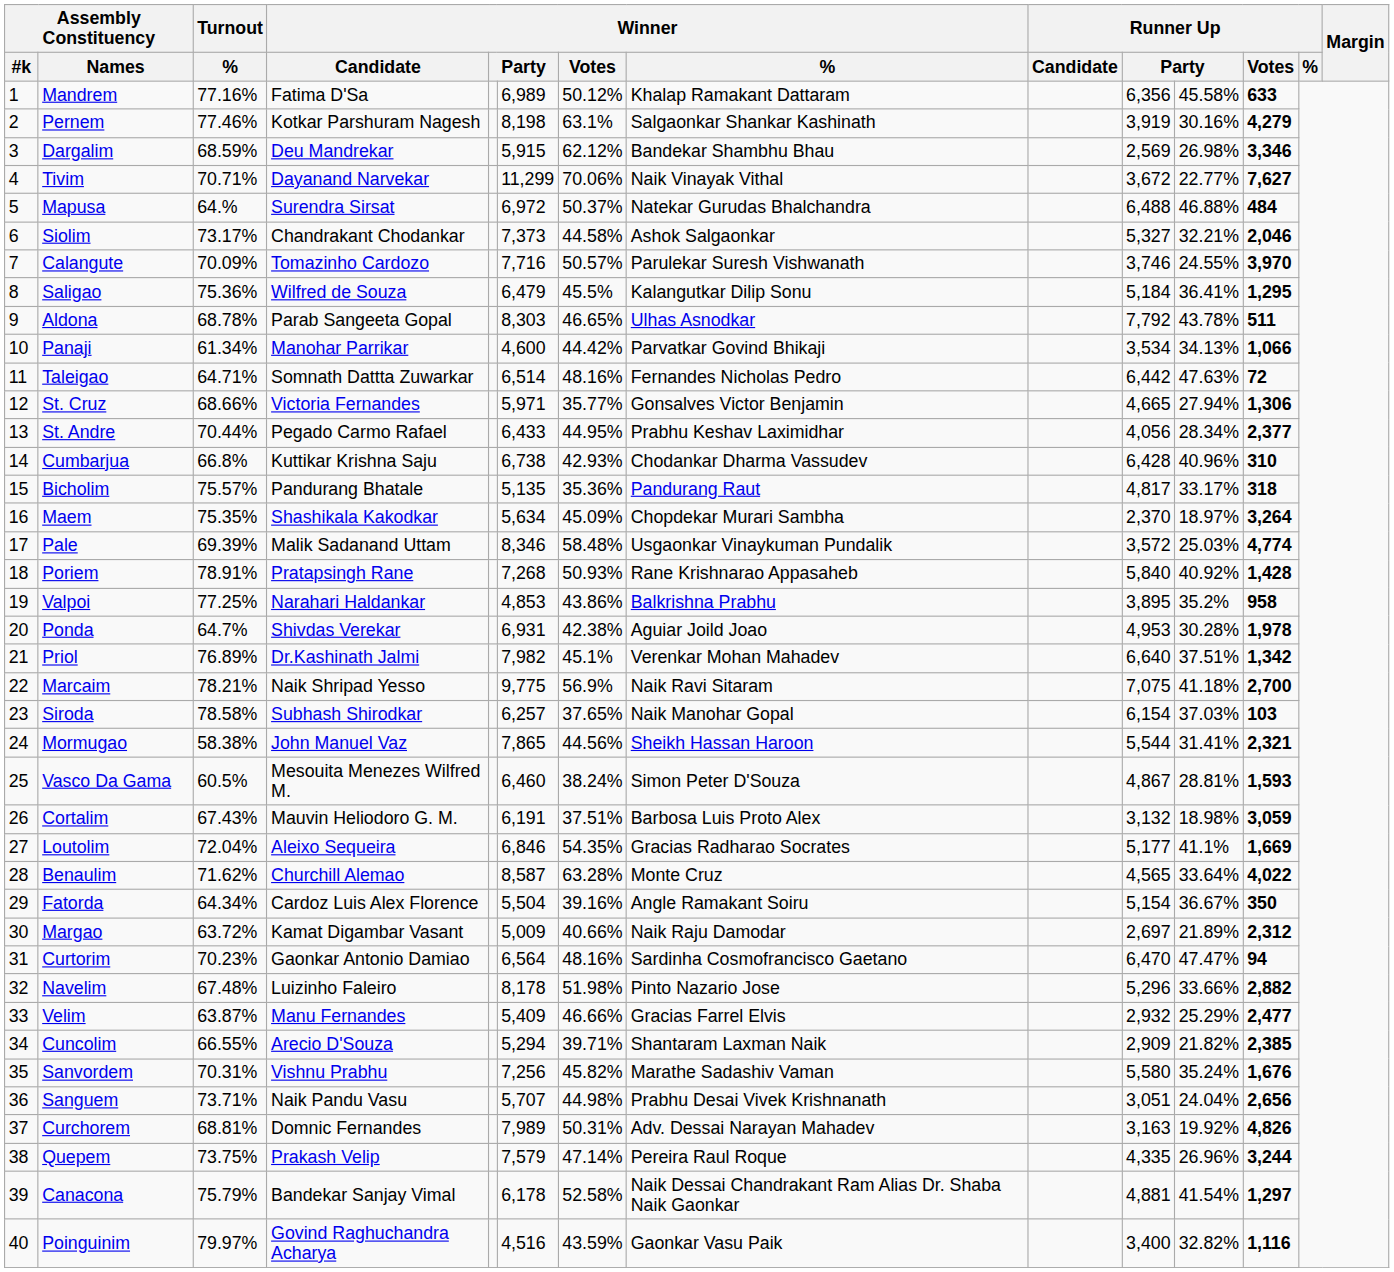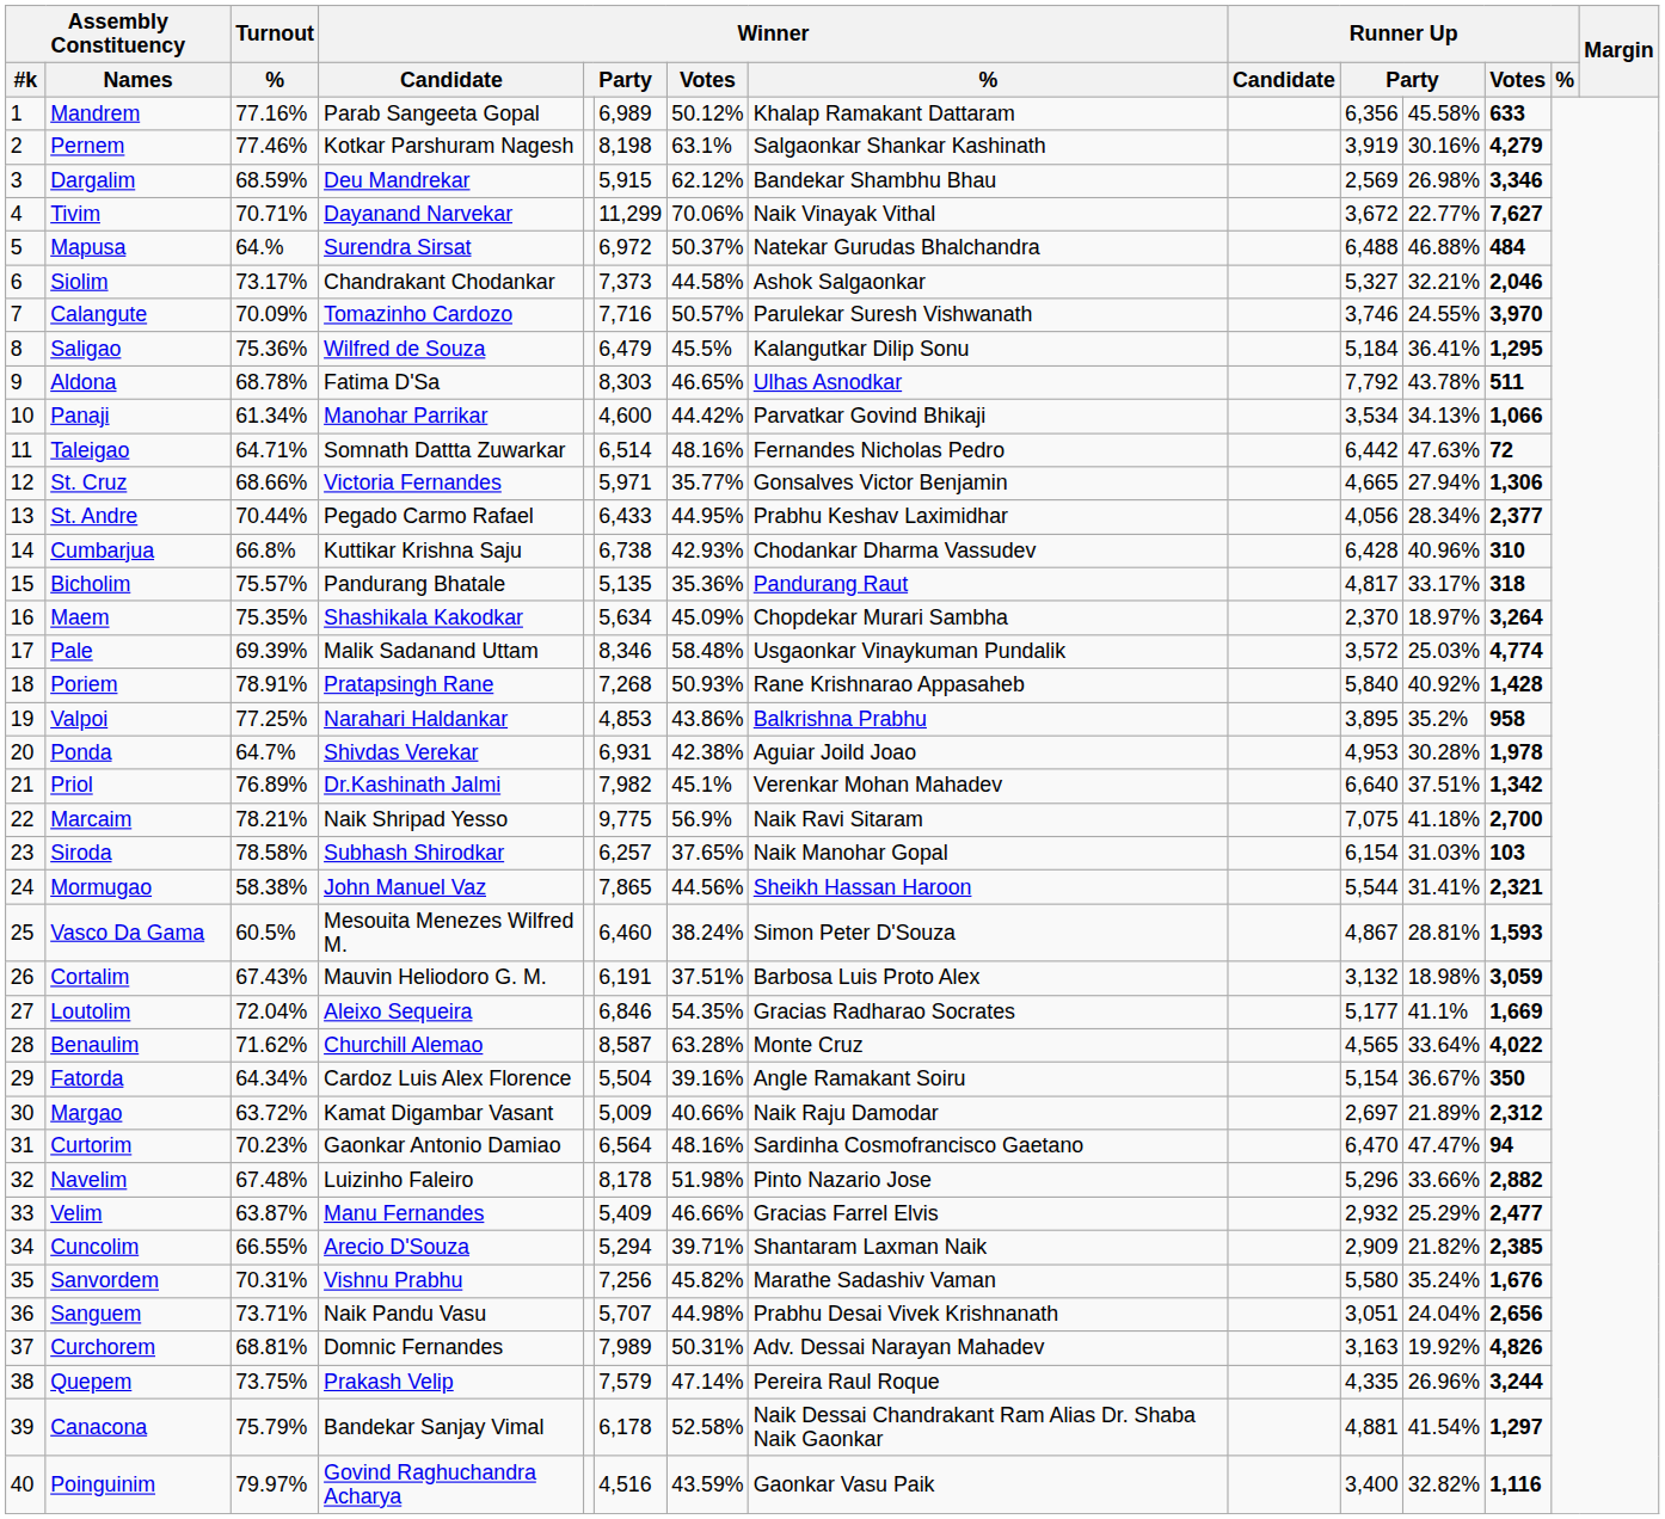 <table class="wikitable sortable">
 <tr>
 <th colspan="2">Assembly Constituency</th>
 <th>Turnout</th>
 <th colspan="5">Winner</th>
 <th colspan="5">Runner Up</th>
 <th rowspan="2" data-sort-type=number>Margin</th>
 </tr>
 <tr>
 <th>#k</th>
 <th>Names</th>
 <th>%</th>
 <th>Candidate</th>
 <th colspan="2">Party</th>
 <th data-sort-type=number>Votes</th>
 <th>%</th>
 <th>Candidate</th>
 <th colspan="2">Party</th>
 <th data-sort-type=number>Votes</th>
 <th>%</th>
 </tr>
 <tr>
 <td>1</td>
 <td><a href='#'>Mandrem</a></td>
 <td>77.16%</td>
-<td>Fatima D'Sa</td>
+<td>Parab Sangeeta Gopal</td>
 <td></td>
 <td>6,989</td>
 <td>50.12%</td>
 <td>Khalap Ramakant Dattaram</td>
 <td></td>
 <td>6,356</td>
 <td>45.58%</td>
 <td style="background:"><span><strong>633</strong></span></td>
 </tr>
 <tr>
 <td>2</td>
 <td><a href='#'>Pernem</a></td>
 <td>77.46%</td>
 <td>Kotkar Parshuram Nagesh</td>
 <td></td>
 <td>8,198</td>
 <td>63.1%</td>
 <td>Salgaonkar Shankar Kashinath</td>
 <td></td>
 <td>3,919</td>
 <td>30.16%</td>
 <td style="background:"><span><strong>4,279</strong></span></td>
 </tr>
 <tr>
 <td>3</td>
 <td><a href='#'>Dargalim</a></td>
 <td>68.59%</td>
 <td><a href='#'>Deu Mandrekar</a></td>
 <td></td>
 <td>5,915</td>
 <td>62.12%</td>
 <td>Bandekar Shambhu Bhau</td>
 <td></td>
 <td>2,569</td>
 <td>26.98%</td>
 <td style="background:"><span><strong>3,346</strong></span></td>
 </tr>
 <tr>
 <td>4</td>
 <td><a href='#'>Tivim</a></td>
 <td>70.71%</td>
 <td><a href='#'>Dayanand Narvekar</a></td>
 <td></td>
 <td>11,299</td>
 <td>70.06%</td>
 <td>Naik Vinayak Vithal</td>
 <td></td>
 <td>3,672</td>
 <td>22.77%</td>
 <td style="background:"><span><strong>7,627</strong></span></td>
 </tr>
 <tr>
 <td>5</td>
 <td><a href='#'>Mapusa</a></td>
 <td>64.%</td>
 <td><a href='#'>Surendra Sirsat</a></td>
 <td></td>
 <td>6,972</td>
 <td>50.37%</td>
 <td>Natekar Gurudas Bhalchandra</td>
 <td></td>
 <td>6,488</td>
 <td>46.88%</td>
 <td style="background:"><span><strong>484</strong></span></td>
 </tr>
 <tr>
 <td>6</td>
 <td><a href='#'>Siolim</a></td>
 <td>73.17%</td>
 <td>Chandrakant Chodankar</td>
 <td></td>
 <td>7,373</td>
 <td>44.58%</td>
 <td>Ashok Salgaonkar</td>
 <td></td>
 <td>5,327</td>
 <td>32.21%</td>
 <td style="background:"><span><strong>2,046</strong></span></td>
 </tr>
 <tr>
 <td>7</td>
 <td><a href='#'>Calangute</a></td>
 <td>70.09%</td>
 <td><a href='#'>Tomazinho Cardozo</a></td>
 <td></td>
 <td>7,716</td>
 <td>50.57%</td>
 <td>Parulekar Suresh Vishwanath</td>
 <td></td>
 <td>3,746</td>
 <td>24.55%</td>
 <td style="background:"><span><strong>3,970</strong></span></td>
 </tr>
 <tr>
 <td>8</td>
 <td><a href='#'>Saligao</a></td>
 <td>75.36%</td>
 <td><a href='#'>Wilfred de Souza</a></td>
 <td></td>
 <td>6,479</td>
 <td>45.5%</td>
 <td>Kalangutkar Dilip Sonu</td>
 <td></td>
 <td>5,184</td>
 <td>36.41%</td>
 <td style="background:"><span><strong>1,295</strong></span></td>
 </tr>
 <tr>
 <td>9</td>
 <td><a href='#'>Aldona</a></td>
 <td>68.78%</td>
-<td>Parab Sangeeta Gopal</td>
+<td>Fatima D'Sa</td>
 <td></td>
 <td>8,303</td>
 <td>46.65%</td>
 <td><a href='#'>Ulhas Asnodkar</a></td>
 <td></td>
 <td>7,792</td>
 <td>43.78%</td>
 <td style="background:"><span><strong>511</strong></span></td>
 </tr>
 <tr>
 <td>10</td>
 <td><a href='#'>Panaji</a></td>
 <td>61.34%</td>
 <td><a href='#'>Manohar Parrikar</a></td>
 <td></td>
 <td>4,600</td>
 <td>44.42%</td>
 <td>Parvatkar Govind Bhikaji</td>
 <td></td>
 <td>3,534</td>
 <td>34.13%</td>
 <td style="background:"><span><strong>1,066</strong></span></td>
 </tr>
 <tr>
 <td>11</td>
 <td><a href='#'>Taleigao</a></td>
 <td>64.71%</td>
 <td>Somnath Dattta Zuwarkar</td>
 <td></td>
 <td>6,514</td>
 <td>48.16%</td>
 <td>Fernandes Nicholas Pedro</td>
 <td></td>
 <td>6,442</td>
 <td>47.63%</td>
 <td style="background:"><span><strong>72</strong></span></td>
 </tr>
 <tr>
 <td>12</td>
 <td><a href='#'>St. Cruz</a></td>
 <td>68.66%</td>
 <td><a href='#'>Victoria Fernandes</a></td>
 <td></td>
 <td>5,971</td>
 <td>35.77%</td>
 <td>Gonsalves Victor Benjamin</td>
 <td></td>
 <td>4,665</td>
 <td>27.94%</td>
 <td style="background:"><span><strong>1,306</strong></span></td>
 </tr>
 <tr>
 <td>13</td>
 <td><a href='#'>St. Andre</a></td>
 <td>70.44%</td>
 <td>Pegado Carmo Rafael</td>
 <td></td>
 <td>6,433</td>
 <td>44.95%</td>
 <td>Prabhu Keshav Laximidhar</td>
 <td></td>
 <td>4,056</td>
 <td>28.34%</td>
 <td style="background:"><span><strong>2,377</strong></span></td>
 </tr>
 <tr>
 <td>14</td>
 <td><a href='#'>Cumbarjua</a></td>
 <td>66.8%</td>
 <td>Kuttikar Krishna Saju</td>
 <td></td>
 <td>6,738</td>
 <td>42.93%</td>
 <td>Chodankar Dharma Vassudev</td>
 <td></td>
 <td>6,428</td>
 <td>40.96%</td>
 <td style="background:"><span><strong>310</strong></span></td>
 </tr>
 <tr>
 <td>15</td>
 <td><a href='#'>Bicholim</a></td>
 <td>75.57%</td>
 <td>Pandurang Bhatale</td>
 <td></td>
 <td>5,135</td>
 <td>35.36%</td>
 <td><a href='#'>Pandurang Raut</a></td>
 <td></td>
 <td>4,817</td>
 <td>33.17%</td>
 <td style="background:"><span><strong>318</strong></span></td>
 </tr>
 <tr>
 <td>16</td>
 <td><a href='#'>Maem</a></td>
 <td>75.35%</td>
 <td><a href='#'>Shashikala Kakodkar</a></td>
 <td></td>
 <td>5,634</td>
 <td>45.09%</td>
 <td>Chopdekar Murari Sambha</td>
 <td></td>
 <td>2,370</td>
 <td>18.97%</td>
 <td style="background:"><span><strong>3,264</strong></span></td>
 </tr>
 <tr>
 <td>17</td>
 <td><a href='#'>Pale</a></td>
 <td>69.39%</td>
 <td>Malik Sadanand Uttam</td>
 <td></td>
 <td>8,346</td>
 <td>58.48%</td>
 <td>Usgaonkar Vinaykuman Pundalik</td>
 <td></td>
 <td>3,572</td>
 <td>25.03%</td>
 <td style="background:"><span><strong>4,774</strong></span></td>
 </tr>
 <tr>
 <td>18</td>
 <td><a href='#'>Poriem</a></td>
 <td>78.91%</td>
 <td><a href='#'>Pratapsingh Rane</a></td>
 <td></td>
 <td>7,268</td>
 <td>50.93%</td>
 <td>Rane Krishnarao Appasaheb</td>
 <td></td>
 <td>5,840</td>
 <td>40.92%</td>
 <td style="background:"><span><strong>1,428</strong></span></td>
 </tr>
 <tr>
 <td>19</td>
 <td><a href='#'>Valpoi</a></td>
 <td>77.25%</td>
 <td><a href='#'>Narahari Haldankar</a></td>
 <td></td>
 <td>4,853</td>
 <td>43.86%</td>
 <td><a href='#'>Balkrishna Prabhu</a></td>
 <td></td>
 <td>3,895</td>
 <td>35.2%</td>
 <td style="background:"><span><strong>958</strong></span></td>
 </tr>
 <tr>
 <td>20</td>
 <td><a href='#'>Ponda</a></td>
 <td>64.7%</td>
 <td><a href='#'>Shivdas Verekar</a></td>
 <td></td>
 <td>6,931</td>
 <td>42.38%</td>
 <td>Aguiar Joild Joao</td>
 <td></td>
 <td>4,953</td>
 <td>30.28%</td>
 <td style="background:"><span><strong>1,978</strong></span></td>
 </tr>
 <tr>
 <td>21</td>
 <td><a href='#'>Priol</a></td>
 <td>76.89%</td>
 <td><a href='#'>Dr.Kashinath Jalmi</a></td>
 <td></td>
 <td>7,982</td>
 <td>45.1%</td>
 <td>Verenkar Mohan Mahadev</td>
 <td></td>
 <td>6,640</td>
 <td>37.51%</td>
 <td style="background:"><span><strong>1,342</strong></span></td>
 </tr>
 <tr>
 <td>22</td>
 <td><a href='#'>Marcaim</a></td>
 <td>78.21%</td>
 <td>Naik Shripad Yesso</td>
 <td></td>
 <td>9,775</td>
 <td>56.9%</td>
 <td>Naik Ravi Sitaram</td>
 <td></td>
 <td>7,075</td>
 <td>41.18%</td>
 <td style="background:"><span><strong>2,700</strong></span></td>
 </tr>
 <tr>
 <td>23</td>
 <td><a href='#'>Siroda</a></td>
 <td>78.58%</td>
 <td><a href='#'>Subhash Shirodkar</a></td>
 <td></td>
 <td>6,257</td>
 <td>37.65%</td>
 <td>Naik Manohar Gopal</td>
 <td></td>
 <td>6,154</td>
-<td>37.03%</td>
+<td>31.03%</td>
 <td style="background:"><span><strong>103</strong></span></td>
 </tr>
 <tr>
 <td>24</td>
 <td><a href='#'>Mormugao</a></td>
 <td>58.38%</td>
 <td><a href='#'>John Manuel Vaz</a></td>
 <td></td>
 <td>7,865</td>
 <td>44.56%</td>
 <td><a href='#'>Sheikh Hassan Haroon</a></td>
 <td></td>
 <td>5,544</td>
 <td>31.41%</td>
 <td style="background:"><span><strong>2,321</strong></span></td>
 </tr>
 <tr>
 <td>25</td>
 <td><a href='#'>Vasco Da Gama</a></td>
 <td>60.5%</td>
 <td>Mesouita Menezes Wilfred M.</td>
 <td></td>
 <td>6,460</td>
 <td>38.24%</td>
 <td>Simon Peter D'Souza</td>
 <td></td>
 <td>4,867</td>
 <td>28.81%</td>
 <td style="background:"><span><strong>1,593</strong></span></td>
 </tr>
 <tr>
 <td>26</td>
 <td><a href='#'>Cortalim</a></td>
 <td>67.43%</td>
 <td>Mauvin Heliodoro G. M.</td>
 <td></td>
 <td>6,191</td>
 <td>37.51%</td>
 <td>Barbosa Luis Proto Alex</td>
 <td></td>
 <td>3,132</td>
 <td>18.98%</td>
 <td style="background:"><span><strong>3,059</strong></span></td>
 </tr>
 <tr>
 <td>27</td>
 <td><a href='#'>Loutolim</a></td>
 <td>72.04%</td>
 <td><a href='#'>Aleixo Sequeira</a></td>
 <td></td>
 <td>6,846</td>
 <td>54.35%</td>
 <td>Gracias Radharao Socrates</td>
 <td></td>
 <td>5,177</td>
 <td>41.1%</td>
 <td style="background:"><span><strong>1,669</strong></span></td>
 </tr>
 <tr>
 <td>28</td>
 <td><a href='#'>Benaulim</a></td>
 <td>71.62%</td>
 <td><a href='#'>Churchill Alemao</a></td>
 <td></td>
 <td>8,587</td>
 <td>63.28%</td>
 <td>Monte Cruz</td>
 <td></td>
 <td>4,565</td>
 <td>33.64%</td>
 <td style="background:"><span><strong>4,022</strong></span></td>
 </tr>
 <tr>
 <td>29</td>
 <td><a href='#'>Fatorda</a></td>
 <td>64.34%</td>
 <td>Cardoz Luis Alex Florence</td>
 <td></td>
 <td>5,504</td>
 <td>39.16%</td>
 <td>Angle Ramakant Soiru</td>
 <td></td>
 <td>5,154</td>
 <td>36.67%</td>
 <td style="background:"><span><strong>350</strong></span></td>
 </tr>
 <tr>
 <td>30</td>
 <td><a href='#'>Margao</a></td>
 <td>63.72%</td>
 <td>Kamat Digambar Vasant</td>
 <td></td>
 <td>5,009</td>
 <td>40.66%</td>
 <td>Naik Raju Damodar</td>
 <td></td>
 <td>2,697</td>
 <td>21.89%</td>
 <td style="background:"><span><strong>2,312</strong></span></td>
 </tr>
 <tr>
 <td>31</td>
 <td><a href='#'>Curtorim</a></td>
 <td>70.23%</td>
 <td>Gaonkar Antonio Damiao</td>
 <td></td>
 <td>6,564</td>
 <td>48.16%</td>
 <td>Sardinha Cosmofrancisco Gaetano</td>
 <td></td>
 <td>6,470</td>
 <td>47.47%</td>
 <td style="background:"><span><strong>94</strong></span></td>
 </tr>
 <tr>
 <td>32</td>
 <td><a href='#'>Navelim</a></td>
 <td>67.48%</td>
 <td>Luizinho Faleiro</td>
 <td></td>
 <td>8,178</td>
 <td>51.98%</td>
 <td>Pinto Nazario Jose</td>
 <td></td>
 <td>5,296</td>
 <td>33.66%</td>
 <td style="background:"><span><strong>2,882</strong></span></td>
 </tr>
 <tr>
 <td>33</td>
 <td><a href='#'>Velim</a></td>
 <td>63.87%</td>
 <td><a href='#'>Manu Fernandes</a></td>
 <td></td>
 <td>5,409</td>
 <td>46.66%</td>
 <td>Gracias Farrel Elvis</td>
 <td></td>
 <td>2,932</td>
 <td>25.29%</td>
 <td style="background:"><span><strong>2,477</strong></span></td>
 </tr>
 <tr>
 <td>34</td>
 <td><a href='#'>Cuncolim</a></td>
 <td>66.55%</td>
 <td><a href='#'>Arecio D'Souza</a></td>
 <td></td>
 <td>5,294</td>
 <td>39.71%</td>
 <td>Shantaram Laxman Naik</td>
 <td></td>
 <td>2,909</td>
 <td>21.82%</td>
 <td style="background:"><span><strong>2,385</strong></span></td>
 </tr>
 <tr>
 <td>35</td>
 <td><a href='#'>Sanvordem</a></td>
 <td>70.31%</td>
 <td><a href='#'>Vishnu Prabhu</a></td>
 <td></td>
 <td>7,256</td>
 <td>45.82%</td>
 <td>Marathe Sadashiv Vaman</td>
 <td></td>
 <td>5,580</td>
 <td>35.24%</td>
 <td style="background:"><span><strong>1,676</strong></span></td>
 </tr>
 <tr>
 <td>36</td>
 <td><a href='#'>Sanguem</a></td>
 <td>73.71%</td>
 <td>Naik Pandu Vasu</td>
 <td></td>
 <td>5,707</td>
 <td>44.98%</td>
 <td>Prabhu Desai Vivek Krishnanath</td>
 <td></td>
 <td>3,051</td>
 <td>24.04%</td>
 <td style="background:"><span><strong>2,656</strong></span></td>
 </tr>
 <tr>
 <td>37</td>
 <td><a href='#'>Curchorem</a></td>
 <td>68.81%</td>
 <td>Domnic Fernandes</td>
 <td></td>
 <td>7,989</td>
 <td>50.31%</td>
 <td>Adv. Dessai Narayan Mahadev</td>
 <td></td>
 <td>3,163</td>
 <td>19.92%</td>
 <td style="background:"><span><strong>4,826</strong></span></td>
 </tr>
 <tr>
 <td>38</td>
 <td><a href='#'>Quepem</a></td>
 <td>73.75%</td>
 <td><a href='#'>Prakash Velip</a></td>
 <td></td>
 <td>7,579</td>
 <td>47.14%</td>
 <td>Pereira Raul Roque</td>
 <td></td>
 <td>4,335</td>
 <td>26.96%</td>
 <td style="background:"><span><strong>3,244</strong></span></td>
 </tr>
 <tr>
 <td>39</td>
 <td><a href='#'>Canacona</a></td>
 <td>75.79%</td>
 <td>Bandekar Sanjay Vimal</td>
 <td></td>
 <td>6,178</td>
 <td>52.58%</td>
 <td>Naik Dessai Chandrakant Ram Alias Dr. Shaba Naik Gaonkar</td>
 <td></td>
 <td>4,881</td>
 <td>41.54%</td>
 <td style="background:"><span><strong>1,297</strong></span></td>
 </tr>
 <tr>
 <td>40</td>
 <td><a href='#'>Poinguinim</a></td>
 <td>79.97%</td>
 <td><a href='#'>Govind Raghuchandra Acharya</a></td>
 <td></td>
 <td>4,516</td>
 <td>43.59%</td>
 <td>Gaonkar Vasu Paik</td>
 <td></td>
 <td>3,400</td>
 <td>32.82%</td>
 <td style="background:"><span><strong>1,116</strong></span></td>
 </tr>
 <tr>
 </tr>
 </table>
